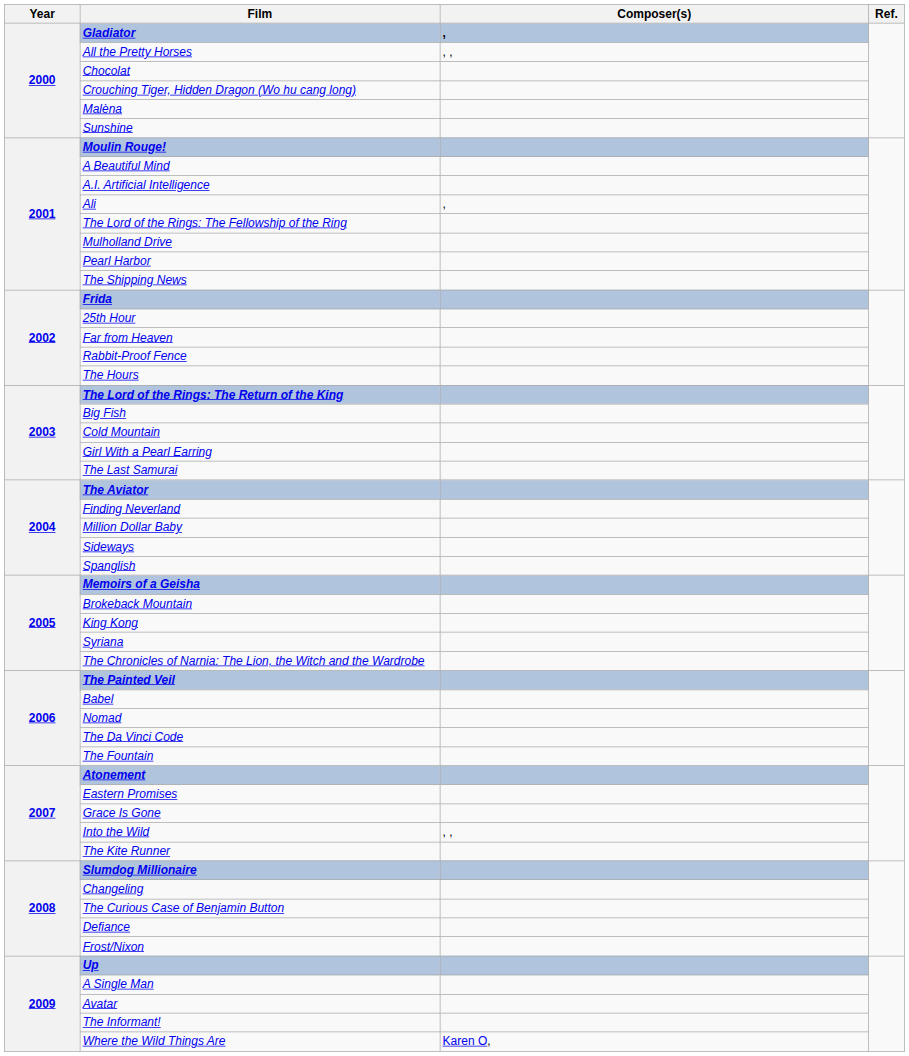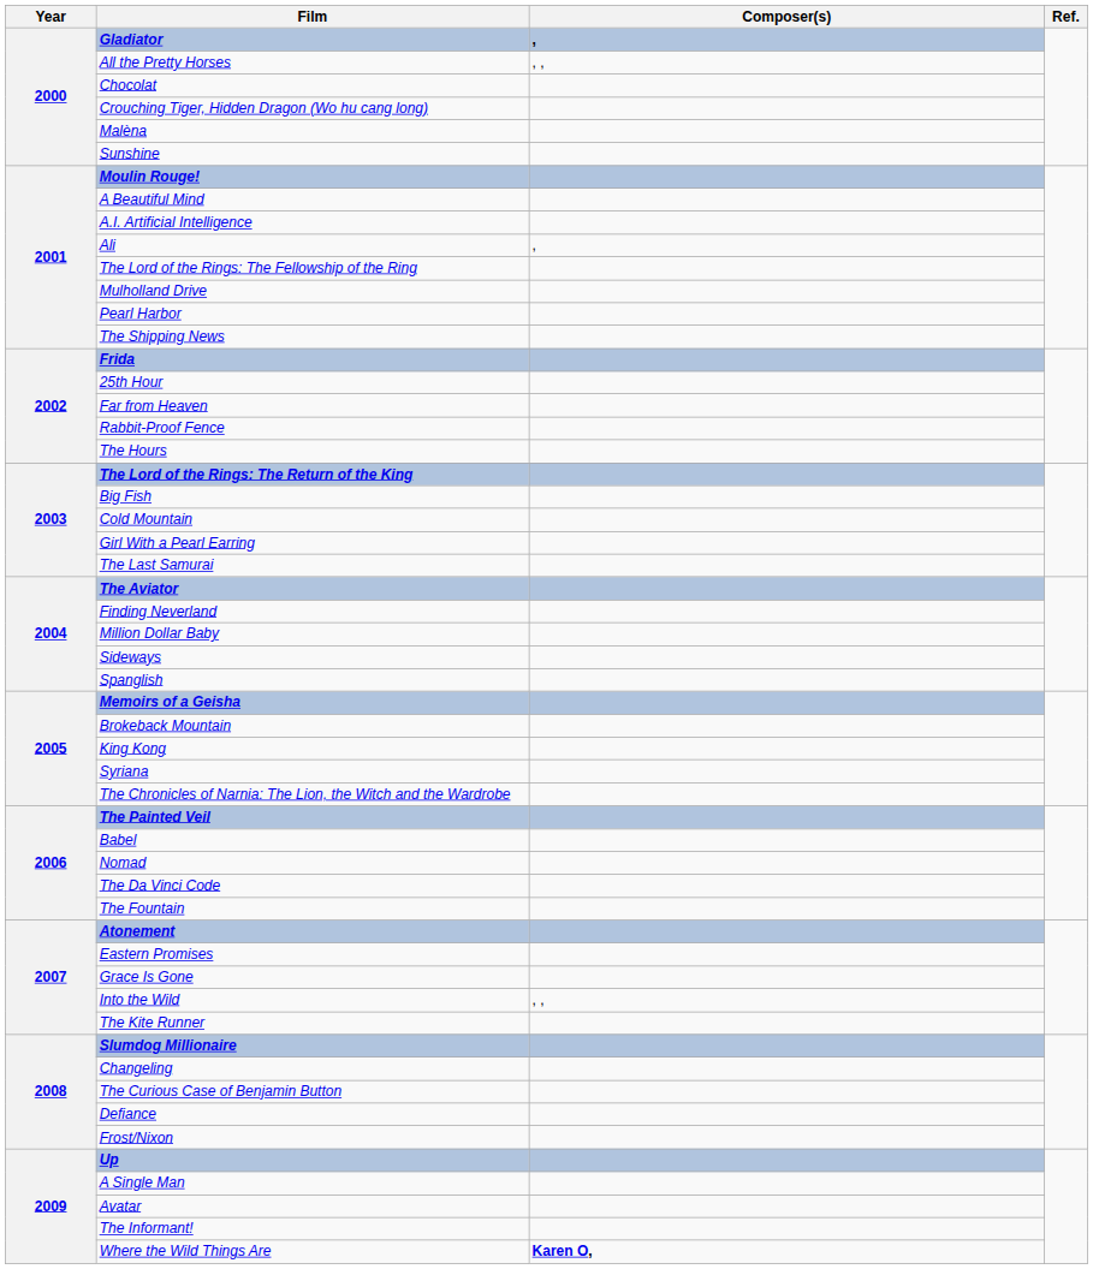 <table class="wikitable sortable unsortable" style="width:95%;" cellpadding="6">
 <tr>
 <th scope="col" style="width:70pt">Year</th>
 <th scope="col" style="width:40%">Film</th>
 <th scope="col">Composer(s)</th>
 <th scope="col" class="unsortable" style="width:30pt">Ref.</th>
 </tr>
 <tr>
 <th rowspan="6" style="text-align:center;"><a href='#'>2000</a></th>
 <td style="background:#B0C4DE;"><strong><em><a href='#'>Gladiator</a></em></strong></td>
 <td style="background:#B0C4DE;"><strong>, </strong></td>
 <td rowspan="6"></td>
 </tr>
 <tr>
 <td><em><a href='#'>All the Pretty Horses</a></em></td>
 <td>, , </td>
 </tr>
 <tr>
 <td><em><a href='#'>Chocolat</a></em></td>
 <td></td>
 </tr>
 <tr>
 <td><em><a href='#'>Crouching Tiger, Hidden Dragon (Wo hu cang long)</a></em></td>
 <td></td>
 </tr>
 <tr>
 <td><em><a href='#'>Malèna</a></em></td>
 <td></td>
 </tr>
 <tr>
 <td><em><a href='#'>Sunshine</a></em></td>
 <td></td>
 </tr>
 <tr>
 <th rowspan="8" style="text-align:center;"><a href='#'>2001</a></th>
 <td style="background:#B0C4DE;"><strong><em><a href='#'>Moulin Rouge!</a></em></strong></td>
 <td style="background:#B0C4DE;"><strong></strong></td>
 <td rowspan="8"></td>
 </tr>
 <tr>
 <td><em><a href='#'>A Beautiful Mind</a></em></td>
 <td></td>
 </tr>
 <tr>
 <td><em><a href='#'>A.I. Artificial Intelligence</a></em></td>
 <td></td>
 </tr>
 <tr>
 <td><em><a href='#'>Ali</a></em></td>
 <td>, </td>
 </tr>
 <tr>
 <td><em><a href='#'>The Lord of the Rings: The Fellowship of the Ring</a></em></td>
 <td></td>
 </tr>
 <tr>
 <td><em><a href='#'>Mulholland Drive</a></em></td>
 <td></td>
 </tr>
 <tr>
 <td><em><a href='#'>Pearl Harbor</a></em></td>
 <td></td>
 </tr>
 <tr>
 <td><em><a href='#'>The Shipping News</a></em></td>
 <td></td>
 </tr>
 <tr>
 <th rowspan="5" style="text-align:center;"><a href='#'>2002</a></th>
 <td style="background:#B0C4DE;"><strong><em><a href='#'>Frida</a></em></strong></td>
 <td style="background:#B0C4DE;"><strong></strong></td>
 <td rowspan="5"></td>
 </tr>
 <tr>
 <td><em><a href='#'>25th Hour</a></em></td>
 <td></td>
 </tr>
 <tr>
 <td><em><a href='#'>Far from Heaven</a></em></td>
 <td></td>
 </tr>
 <tr>
 <td><em><a href='#'>Rabbit-Proof Fence</a></em></td>
 <td></td>
 </tr>
 <tr>
 <td><em><a href='#'>The Hours</a></em></td>
 <td></td>
 </tr>
 <tr>
 <th rowspan="5" style="text-align:center;"><a href='#'>2003</a></th>
 <td style="background:#B0C4DE;"><strong><em><a href='#'>The Lord of the Rings: The Return of the King</a></em></strong></td>
 <td style="background:#B0C4DE;"><strong></strong></td>
 <td rowspan="5"></td>
 </tr>
 <tr>
 <td><em><a href='#'>Big Fish</a></em></td>
 <td></td>
 </tr>
 <tr>
 <td><em><a href='#'>Cold Mountain</a></em></td>
 <td></td>
 </tr>
 <tr>
 <td><em><a href='#'>Girl With a Pearl Earring</a></em></td>
 <td></td>
 </tr>
 <tr>
 <td><em><a href='#'>The Last Samurai</a></em></td>
 <td></td>
 </tr>
 <tr>
 <th rowspan="5" style="text-align:center;"><a href='#'>2004</a></th>
 <td style="background:#B0C4DE;"><strong><em><a href='#'>The Aviator</a></em></strong></td>
 <td style="background:#B0C4DE;"><strong></strong></td>
 <td rowspan="5"></td>
 </tr>
 <tr>
 <td><em><a href='#'>Finding Neverland</a></em></td>
 <td></td>
 </tr>
 <tr>
 <td><em><a href='#'>Million Dollar Baby</a></em></td>
 <td></td>
 </tr>
 <tr>
 <td><em><a href='#'>Sideways</a></em></td>
 <td></td>
 </tr>
 <tr>
 <td><em><a href='#'>Spanglish</a></em></td>
 <td></td>
 </tr>
 <tr>
 <th rowspan="5" style="text-align:center;"><a href='#'>2005</a></th>
 <td style="background:#B0C4DE;"><strong><em><a href='#'>Memoirs of a Geisha</a></em></strong></td>
 <td style="background:#B0C4DE;"><strong></strong></td>
 <td rowspan="5"></td>
 </tr>
 <tr>
 <td><em><a href='#'>Brokeback Mountain</a></em></td>
 <td></td>
 </tr>
 <tr>
 <td><em><a href='#'>King Kong</a></em></td>
 <td></td>
 </tr>
 <tr>
 <td><em><a href='#'>Syriana</a></em></td>
 <td></td>
 </tr>
 <tr>
 <td><em><a href='#'>The Chronicles of Narnia: The Lion, the Witch and the Wardrobe</a></em></td>
 <td></td>
 </tr>
 <tr>
 <th rowspan="5" style="text-align:center;"><a href='#'>2006</a></th>
 <td style="background:#B0C4DE;"><strong><em><a href='#'>The Painted Veil</a></em></strong></td>
 <td style="background:#B0C4DE;"><strong></strong></td>
 <td rowspan="5"></td>
 </tr>
 <tr>
 <td><em><a href='#'>Babel</a></em></td>
 <td></td>
 </tr>
 <tr>
 <td><em><a href='#'>Nomad</a></em></td>
 <td></td>
 </tr>
 <tr>
 <td><em><a href='#'>The Da Vinci Code</a></em></td>
 <td></td>
 </tr>
 <tr>
 <td><em><a href='#'>The Fountain</a></em></td>
 <td></td>
 </tr>
 <tr>
 <th rowspan="5" style="text-align:center;"><a href='#'>2007</a></th>
 <td style="background:#B0C4DE;"><strong><em><a href='#'>Atonement</a></em></strong></td>
 <td style="background:#B0C4DE;"><strong></strong></td>
 <td rowspan="5"></td>
 </tr>
 <tr>
 <td><em><a href='#'>Eastern Promises</a></em></td>
 <td></td>
 </tr>
 <tr>
 <td><em><a href='#'>Grace Is Gone</a></em></td>
 <td></td>
 </tr>
 <tr>
 <td><em><a href='#'>Into the Wild</a></em></td>
 <td>, , </td>
 </tr>
 <tr>
 <td><em><a href='#'>The Kite Runner</a></em></td>
 <td></td>
 </tr>
 <tr>
 <th rowspan="5" style="text-align:center;"><a href='#'>2008</a></th>
 <td style="background:#B0C4DE;"><strong><em><a href='#'>Slumdog Millionaire</a></em></strong></td>
 <td style="background:#B0C4DE;"><strong></strong></td>
 <td rowspan="5"></td>
 </tr>
 <tr>
 <td><em><a href='#'>Changeling</a></em></td>
 <td></td>
 </tr>
 <tr>
 <td><em><a href='#'>The Curious Case of Benjamin Button</a></em></td>
 <td></td>
 </tr>
 <tr>
 <td><em><a href='#'>Defiance</a></em></td>
 <td></td>
 </tr>
 <tr>
 <td><em><a href='#'>Frost/Nixon</a></em></td>
 <td></td>
 </tr>
 <tr>
 <th rowspan="5" style="text-align:center;"><a href='#'>2009</a></th>
 <td style="background:#B0C4DE;"><strong><em><a href='#'>Up</a></em></strong></td>
 <td style="background:#B0C4DE;"><strong></strong></td>
 <td rowspan="5"></td>
 </tr>
 <tr>
 <td><em><a href='#'>A Single Man</a></em></td>
 <td></td>
 </tr>
 <tr>
 <td><em><a href='#'>Avatar</a></em></td>
 <td></td>
 </tr>
 <tr>
 <td><em><a href='#'>The Informant!</a></em></td>
 <td></td>
 </tr>
 <tr>
 <td><em><a href='#'>Where the Wild Things Are</a></em></td>
-<td><a href='#'>Karen O</a>, </td>
+<td><strong><a href='#'>Karen O</a>, </strong></td>
 </tr>
 </table>
